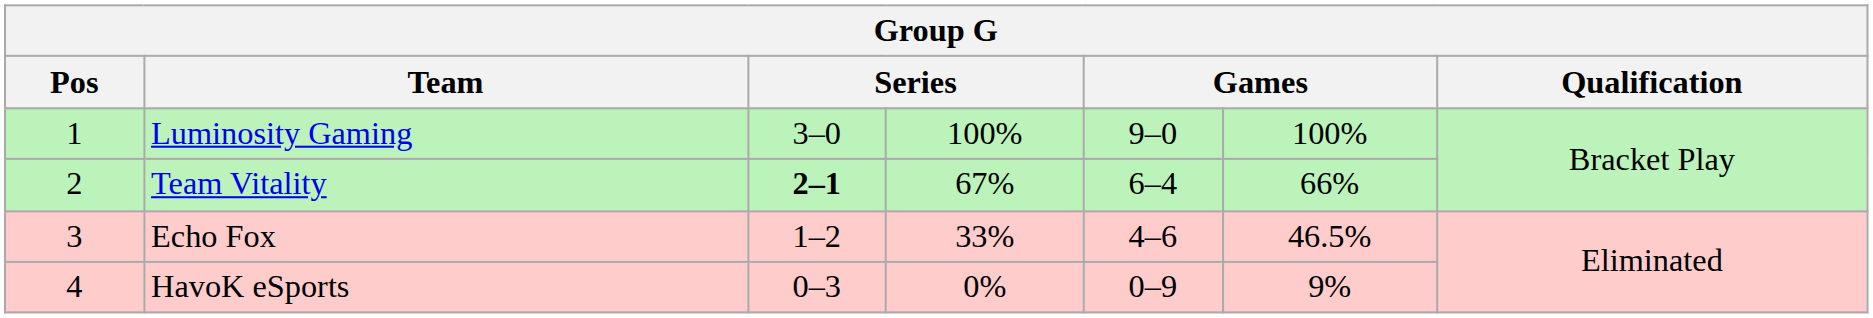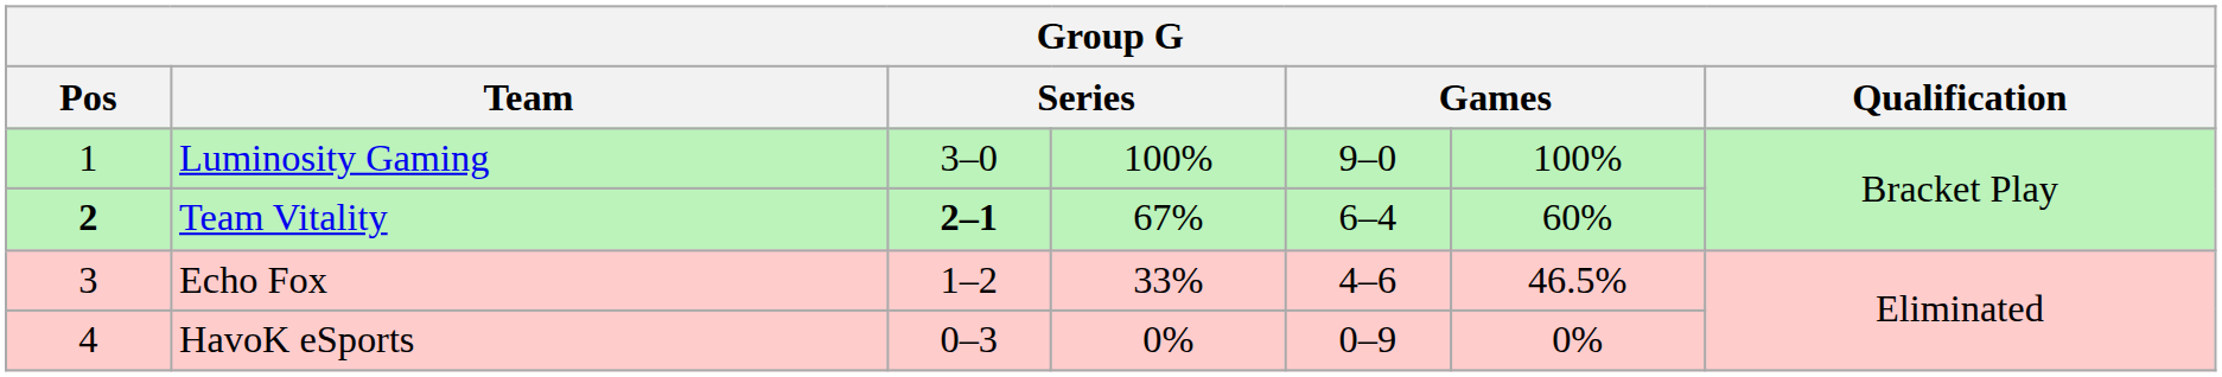 <table class="wikitable" style="display: inline-table;width: 46.5%;">
 <tr>
 <th colspan="7">Group G</th>
 </tr>
 <tr>
 <th>Pos</th>
 <th>Team</th>
 <th colspan="2">Series</th>
 <th colspan="2">Games</th>
 <th>Qualification</th>
 </tr>
 <tr>
 <td style="text-align:center; background:#BBF3BB;">1</td>
 <td style="text-align:left; background:#BBF3BB;"><a href='#'>Luminosity Gaming</a></td>
 <td style="text-align:center; background:#BBF3BB;">3–0</td>
 <td style="text-align:center; background:#BBF3BB;">100%</td>
 <td style="text-align:center; background:#BBF3BB;">9–0</td>
 <td style="text-align:center; background:#BBF3BB;">100%</td>
 <td style="text-align:center; background:#BBF3BB;" rowspan="2">Bracket Play</td>
 </tr>
 <tr>
-<td style="text-align:center; background:#BBF3BB;">2</td>
+<td style="text-align:center; background:#BBF3BB;"><strong>2</strong></td>
 <td style="text-align:left; background:#BBF3BB;"><a href='#'>Team Vitality</a></td>
 <td style="text-align:center; background:#BBF3BB;"><strong>2–1</strong></td>
 <td style="text-align:center; background:#BBF3BB;">67%</td>
 <td style="text-align:center; background:#BBF3BB;">6–4</td>
-<td style="text-align:center; background:#BBF3BB;">66%</td>
+<td style="text-align:center; background:#BBF3BB;">60%</td>
 </tr>
 <tr>
 <td style="text-align:center; background:#FFCCCC;">3</td>
 <td style="text-align:left; background:#FFCCCC;">Echo Fox</td>
 <td style="text-align:center; background:#FFCCCC;">1–2</td>
 <td style="text-align:center; background:#FFCCCC;">33%</td>
 <td style="text-align:center; background:#FFCCCC;">4–6</td>
 <td style="text-align:center; background:#FFCCCC;">46.5%</td>
 <td style="text-align:center; background:#FFCCCC;" rowspan="2">Eliminated</td>
 </tr>
 <tr>
 <td style="text-align:center; background:#FFCCCC;">4</td>
 <td style="text-align:left; background:#FFCCCC;">HavoK eSports</td>
 <td style="text-align:center; background:#FFCCCC;">0–3</td>
 <td style="text-align:center; background:#FFCCCC;">0%</td>
 <td style="text-align:center; background:#FFCCCC;">0–9</td>
-<td style="text-align:center; background:#FFCCCC;">9%</td>
+<td style="text-align:center; background:#FFCCCC;">0%</td>
 </tr>
 </table>
